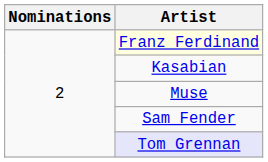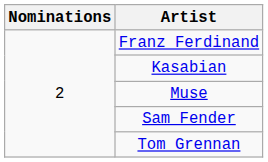 <table class="wikitable" rowspan="2" style="text-align:center;">
 <tr>
 <th scope="col" style="width:55px;">Nominations</th>
 <th scope="col" style="text-align:center;">Artist</th>
 </tr>
 <tr>
 <td rowspan="5">2</td>
-<td style="background: lightyellow;"><a href='#'>Franz Ferdinand</a></td>
+<td><a href='#'>Franz Ferdinand</a></td>
 </tr>
 <tr>
 <td><a href='#'>Kasabian</a></td>
 </tr>
 <tr>
 <td><a href='#'>Muse</a></td>
 </tr>
 <tr>
 <td><a href='#'>Sam Fender</a></td>
 </tr>
 <tr>
-<td style="background: lavender;"><a href='#'>Tom Grennan</a></td>
+<td><a href='#'>Tom Grennan</a></td>
 </tr>
 </table>
